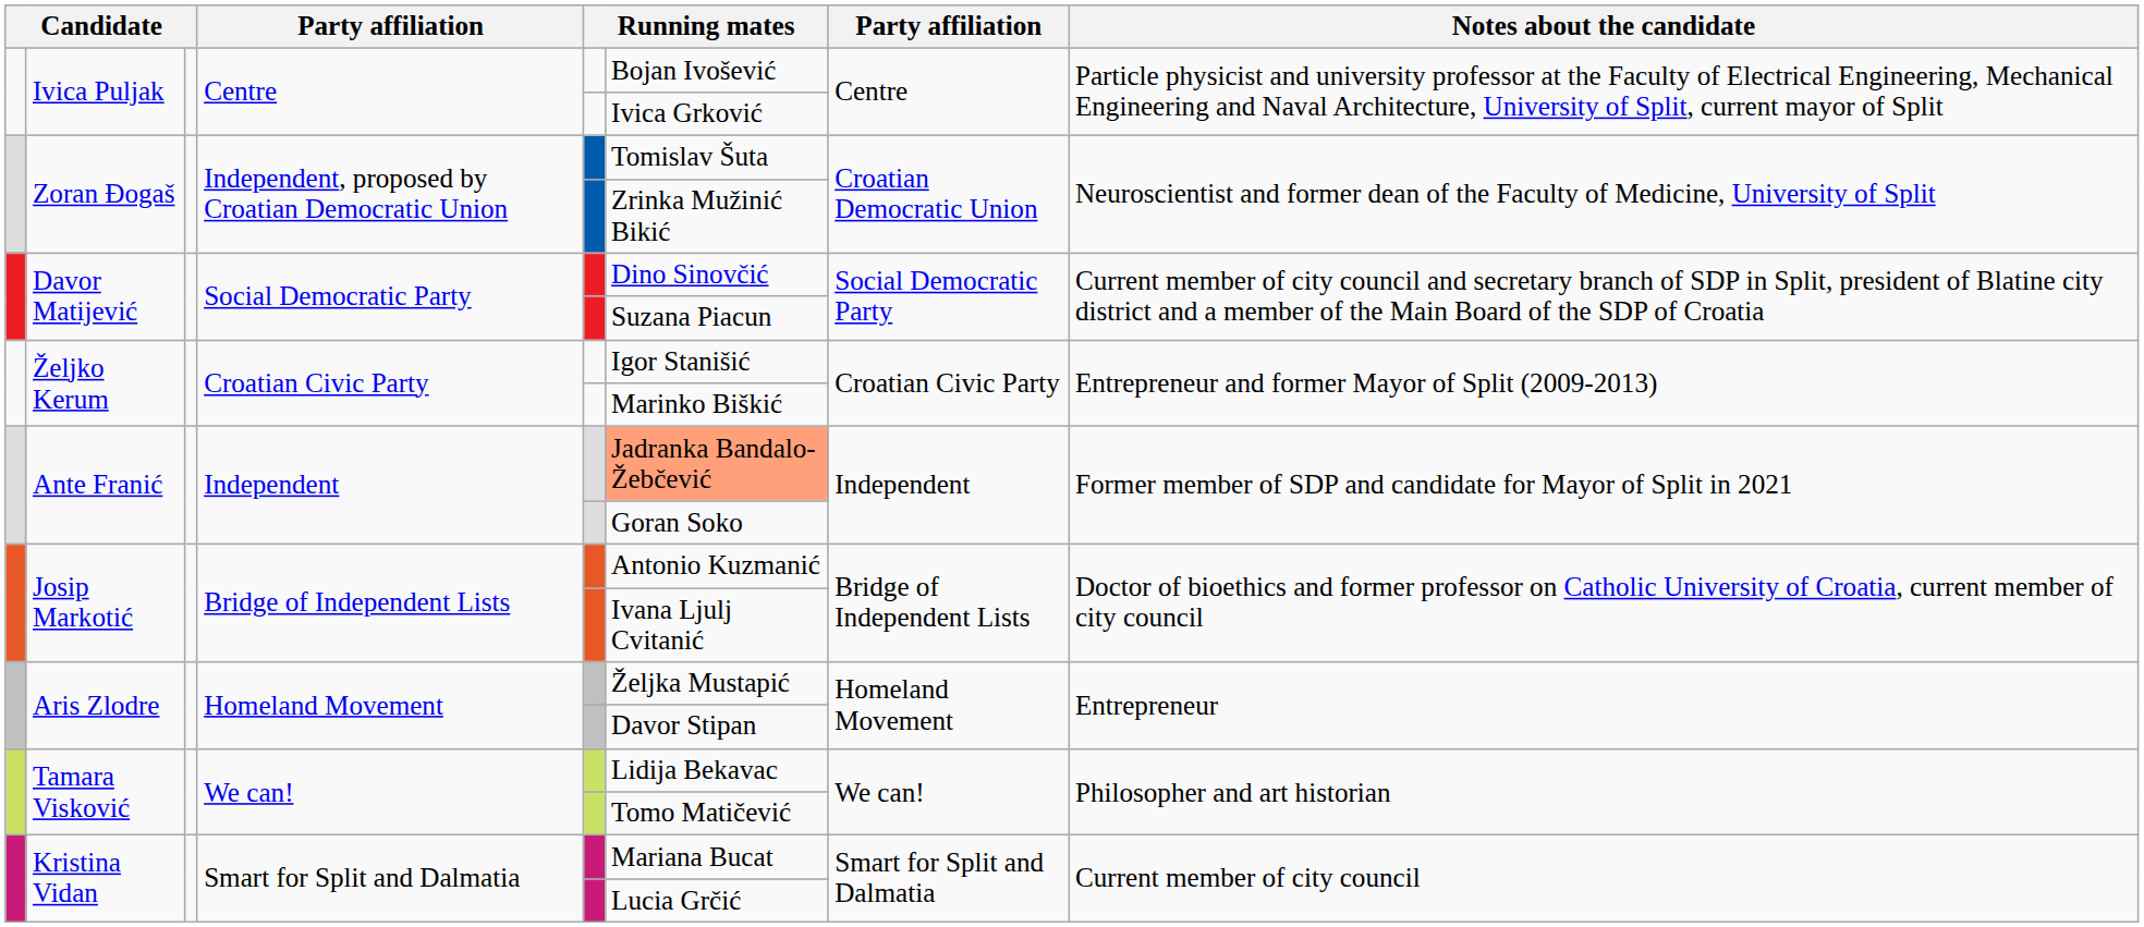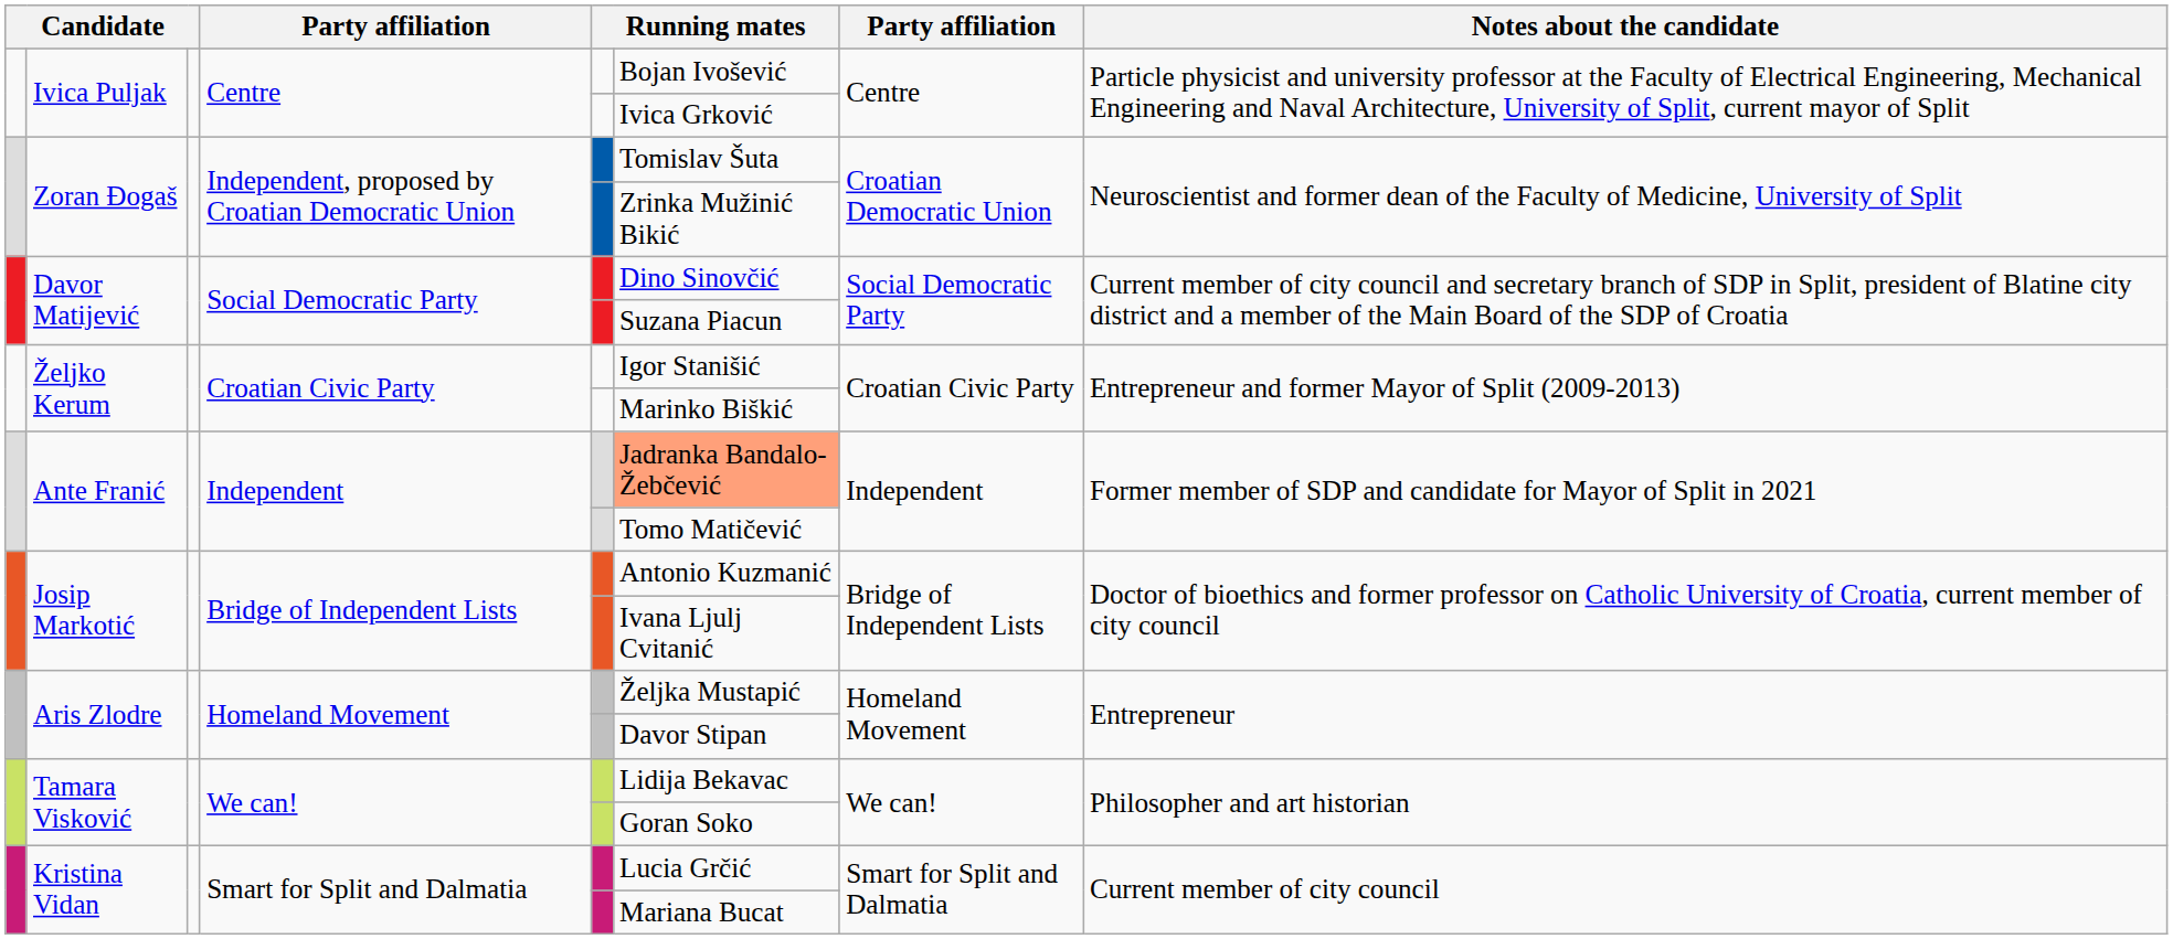 <table class="wikitable">
 <tr>
 <th colspan=3>Candidate</th>
 <th>Party affiliation</th>
 <th colspan=2>Running mates</th>
 <th>Party affiliation</th>
 <th>Notes about the candidate</th>
 </tr>
 <tr>
 <td rowspan=2 width=5px style="background-color: "></td>
 <td rowspan=2><a href='#'>Ivica Puljak</a></td>
 <td rowspan=2></td>
 <td rowspan=2><a href='#'>Centre</a></td>
 <td width=5px style="background-color: "></td>
 <td>Bojan Ivošević</td>
 <td rowspan=2>Centre</td>
 <td rowspan=2>Particle physicist and university professor at the Faculty of Electrical Engineering, Mechanical Engineering and Naval Architecture, <a href='#'>University of Split</a>, current mayor of Split</td>
 </tr>
 <tr>
 <td width=5px style="background-color: "></td>
 <td>Ivica Grković</td>
 </tr>
 <tr>
 <td rowspan=2 width=5px style="background:#DDDDDD;"></td>
 <td rowspan=2><a href='#'>Zoran Đogaš</a></td>
 <td rowspan=2></td>
 <td rowspan=2><a href='#'>Independent</a>, proposed by <a href='#'>Croatian Democratic Union</a></td>
 <td width=5px style="background:#005BAA;"></td>
 <td>Tomislav Šuta</td>
 <td rowspan=2><a href='#'>Croatian Democratic Union</a></td>
 <td rowspan=2>Neuroscientist and former dean of the Faculty of Medicine, <a href='#'>University of Split</a></td>
 </tr>
 <tr>
 <td width=5px style="background:#005BAA;"></td>
 <td>Zrinka Mužinić Bikić</td>
 </tr>
 <tr>
 <td rowspan=2 width=5px style="background:#ED1C24;"></td>
 <td rowspan=2><a href='#'>Davor Matijević</a></td>
 <td rowspan=2></td>
 <td rowspan=2><a href='#'>Social Democratic Party</a></td>
 <td width=5px style="background:#ED1C24;"></td>
 <td><a href='#'>Dino Sinovčić</a></td>
 <td rowspan=2><a href='#'>Social Democratic Party</a></td>
 <td rowspan=2>Current member of city council and secretary branch of SDP in Split, president of Blatine city district and a member of the Main Board of the SDP of Croatia</td>
 </tr>
 <tr>
 <td width=5px style="background:#ED1C24;"></td>
 <td>Suzana Piacun</td>
 </tr>
 <tr>
 <td rowspan=2 width=5px style="background-color: "></td>
 <td rowspan=2><a href='#'>Željko Kerum</a></td>
 <td rowspan=2></td>
 <td rowspan=2><a href='#'>Croatian Civic Party</a></td>
 <td width=5px style="background-color: "></td>
 <td>Igor Stanišić</td>
 <td rowspan=2>Croatian Civic Party</td>
 <td rowspan=2>Entrepreneur and former Mayor of Split (2009-2013)</td>
 </tr>
 <tr>
 <td width=5px style="background-color: "></td>
 <td>Marinko Biškić</td>
 </tr>
 <tr>
 <td rowspan=2 width=5px style="background:#DDDDDD;"></td>
 <td rowspan=2><a href='#'>Ante Franić</a></td>
 <td rowspan=2></td>
 <td rowspan=2><a href='#'>Independent</a></td>
 <td width=5px style="background:#DDDDDD;"></td>
 <td style="background: lightsalmon;">Jadranka Bandalo-Žebčević</td>
 <td rowspan=2>Independent</td>
 <td rowspan=2>Former member of SDP and candidate for Mayor of Split in 2021</td>
 </tr>
 <tr>
 <td width=5px style="background:#DDDDDD;"></td>
-<td>Goran Soko</td>
+<td>Tomo Matičević</td>
 </tr>
 <tr>
 <td rowspan=2 width=5px style="background:#E85726;"></td>
 <td rowspan=2><a href='#'>Josip Markotić</a></td>
 <td rowspan=2></td>
 <td rowspan=2><a href='#'>Bridge of Independent Lists</a></td>
 <td width=5px style="background:#E85726;"></td>
 <td>Antonio Kuzmanić</td>
 <td rowspan=2>Bridge of Independent Lists</td>
 <td rowspan=2>Doctor of bioethics and former professor on <a href='#'>Catholic University of Croatia</a>, current member of city council</td>
 </tr>
 <tr>
 <td width=5px style="background:#E85726;"></td>
 <td>Ivana Ljulj Cvitanić</td>
 </tr>
 <tr>
 <td rowspan=2 width=5px style="background:#c0c0c0;"></td>
 <td rowspan=2><a href='#'>Aris Zlodre</a></td>
 <td rowspan=2></td>
 <td rowspan=2><a href='#'>Homeland Movement</a></td>
 <td width=5px style="background:#c0c0c0;"></td>
 <td>Željka Mustapić</td>
 <td rowspan=2>Homeland Movement</td>
 <td rowspan=2>Entrepreneur</td>
 </tr>
 <tr>
 <td width=5px style="background:#c0c0c0;"></td>
 <td>Davor Stipan</td>
 </tr>
 <tr>
 <td rowspan=2 width=5px style="background:#C9E265;"></td>
 <td rowspan=2><a href='#'>Tamara Visković</a></td>
 <td rowspan=2></td>
 <td rowspan=2><a href='#'>We can!</a></td>
 <td width=5px style="background:#C9E265;"></td>
 <td>Lidija Bekavac</td>
 <td rowspan=2>We can!</td>
 <td rowspan=2>Philosopher and art historian</td>
 </tr>
 <tr>
 <td width=5px style="background:#C9E265;"></td>
-<td>Tomo Matičević</td>
+<td>Goran Soko</td>
 </tr>
 <tr>
 <td rowspan=2 width=5px style="background:#C81B77;"></td>
 <td rowspan=2><a href='#'>Kristina Vidan</a></td>
 <td rowspan=2></td>
 <td rowspan=2>Smart for Split and Dalmatia</td>
 <td width=5px style="background:#C81B77;"></td>
-<td>Mariana Bucat</td>
+<td>Lucia Grčić</td>
 <td rowspan=2>Smart for Split and Dalmatia</td>
 <td rowspan=2>Current member of city council</td>
 </tr>
 <tr>
 <td width=5px style="background:#C81B77;"></td>
-<td>Lucia Grčić</td>
+<td>Mariana Bucat</td>
 </tr>
 </table>
